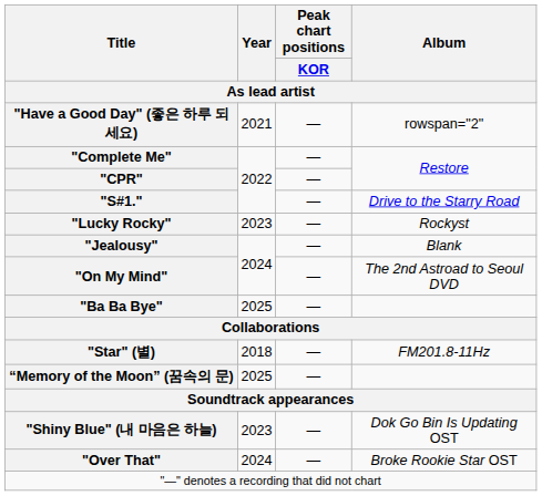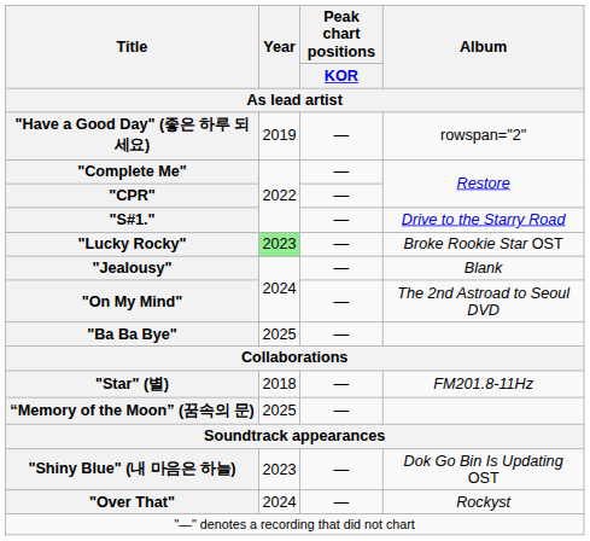 <table class="wikitable plainrowheaders" style="text-align:center">
 <tr>
 <th scope="col" rowspan="2">Title</th>
 <th scope="col" rowspan="2">Year</th>
 <th scope="col">Peak chart<br>positions</th>
 <th scope="col" rowspan="2">Album</th>
 </tr>
 <tr>
 <th scope="col"><a href='#'>KOR</a></th>
 </tr>
 <tr>
 <th colspan="6">As lead artist</th>
 </tr>
 <tr>
 <th scope="row">"Have a Good Day" (좋은 하루 되세요)</th>
-<td>2021</td>
+<td>2019</td>
 <td>—</td>
 <td>rowspan="2" </td>
 </tr>
 <tr>
 <th scope="row">"Complete Me"</th>
 <td rowspan="3">2022</td>
 <td>—</td>
 <td rowspan="2"><em><a href='#'>Restore</a></em></td>
 </tr>
 <tr>
 <th scope="row">"CPR"</th>
 <td>—</td>
 </tr>
 <tr>
 <th scope="row">"S#1."</th>
 <td>—</td>
 <td><em><a href='#'>Drive to the Starry Road</a></em></td>
 </tr>
 <tr>
 <th scope="row">"Lucky Rocky"</th>
-<td>2023</td>
+<td style="background: lightgreen;">2023</td>
 <td>—</td>
-<td><em>Rockyst</em></td>
+<td><em>Broke Rookie Star</em> OST</td>
 </tr>
 <tr>
 <th scope="row">"Jealousy"</th>
 <td rowspan="2">2024</td>
 <td>—</td>
 <td><em>Blank</em></td>
 </tr>
 <tr>
 <th scope="row">"On My Mind"</th>
 <td>—</td>
 <td><em>The 2nd Astroad to Seoul DVD</em></td>
 </tr>
 <tr>
 <th scope="row">"Ba Ba Bye"</th>
 <td>2025</td>
 <td>—</td>
 </tr>
 <tr>
 <th colspan="6">Collaborations</th>
 </tr>
 <tr>
 <th scope="row">"Star" (별)<br></th>
 <td>2018</td>
 <td>—</td>
 <td><em>FM201.8-11Hz</em></td>
 </tr>
 <tr>
 <th scope="row">“Memory of the Moon” (꿈속의 문)<br></th>
 <td>2025</td>
 <td>—</td>
 </tr>
 <tr>
 <th colspan="6">Soundtrack appearances</th>
 </tr>
 <tr>
 <th scope="row">"Shiny Blue" (내 마음은 하늘)</th>
 <td>2023</td>
 <td>—</td>
 <td><em>Dok Go Bin Is Updating</em> OST</td>
 </tr>
 <tr>
 <th scope="row">"Over That"</th>
 <td>2024</td>
 <td>—</td>
-<td><em>Broke Rookie Star</em> OST</td>
+<td><em>Rockyst</em></td>
 </tr>
 <tr>
 <td colspan="6" style="font-size:85%">"—" denotes a recording that did not chart</td>
 </tr>
 </table>
